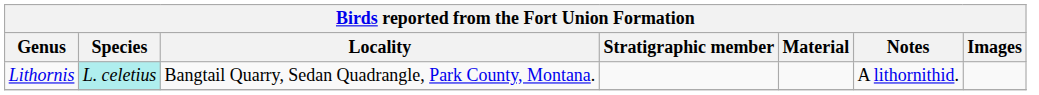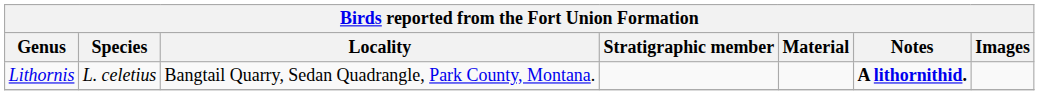 <table class="wikitable" align="center">
 <tr>
 <th colspan="7" align="center"><strong><a href='#'>Birds</a> reported from the Fort Union Formation</strong></th>
 </tr>
 <tr>
 <th>Genus</th>
 <th>Species</th>
 <th>Locality</th>
 <th><strong>Stratigraphic member</strong></th>
 <th><strong>Material</strong></th>
 <th>Notes</th>
 <th>Images</th>
 </tr>
 <tr>
 <td><em><a href='#'>Lithornis</a></em></td>
-<td style="background: paleturquoise;"><em>L. celetius</em></td>
+<td><em>L. celetius</em></td>
 <td>Bangtail Quarry, Sedan Quadrangle, <a href='#'>Park County, Montana</a>.</td>
 <td></td>
 <td></td>
-<td>A <a href='#'>lithornithid</a>.</td>
+<td><strong>A <a href='#'>lithornithid</a>.</strong></td>
 <td></td>
 </tr>
 <tr>
 </tr>
 </table>
